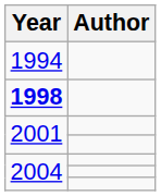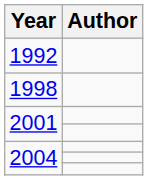 <table class="wikitable sortable mw-collapsible">
 <tr>
 <th>Year</th>
 <th>Author</th>
 </tr>
 <tr>
-<td><a href='#'>1994</a></td>
+<td><a href='#'>1992</a></td>
 <td></td>
 </tr>
 <tr>
-<td><strong><a href='#'>1998</a></strong></td>
+<td><a href='#'>1998</a></td>
 <td></td>
 </tr>
 <tr>
 <td rowspan="2"><a href='#'>2001</a></td>
 <td></td>
 </tr>
 <tr>
 <td></td>
 </tr>
 <tr>
 <td rowspan="3"><a href='#'>2004</a></td>
 <td></td>
 </tr>
 <tr>
 <td></td>
 </tr>
 <tr>
 <td></td>
 </tr>
 </table>
